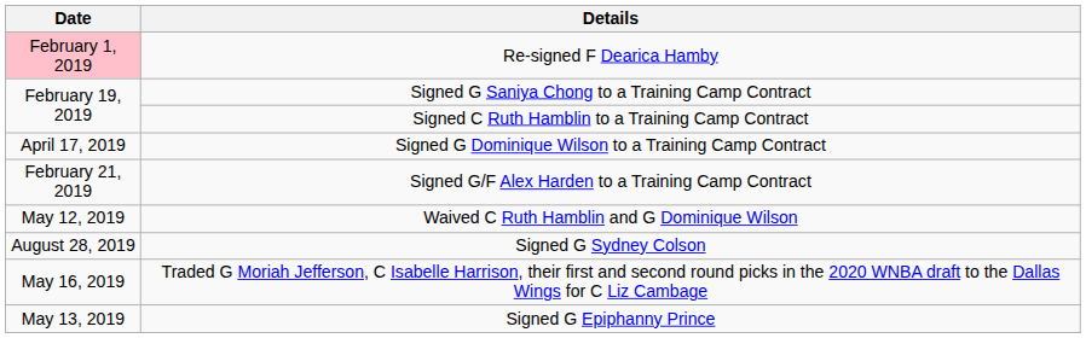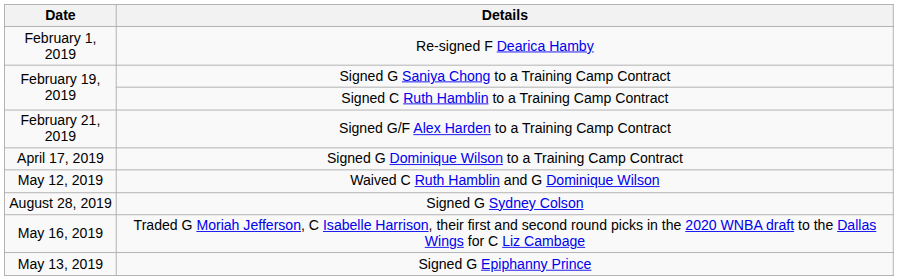 <table class="wikitable" style="width:80%; text-align:center;">
 <tr>
 <th>Date</th>
 <th>Details</th>
 </tr>
 <tr>
-<td style="background: pink;">February 1, 2019</td>
+<td>February 1, 2019</td>
 <td>Re-signed F <a href='#'>Dearica Hamby</a></td>
 </tr>
 <tr>
 <td rowspan=2>February 19, 2019</td>
 <td>Signed G <a href='#'>Saniya Chong</a> to a Training Camp Contract</td>
 </tr>
 <tr>
 <td>Signed C <a href='#'>Ruth Hamblin</a> to a Training Camp Contract</td>
 </tr>
 <tr>
+<td>February 21, 2019</td>
+<td>Signed G/F <a href='#'>Alex Harden</a> to a Training Camp Contract</td>
+</tr>
+<tr>
 <td>April 17, 2019</td>
 <td>Signed G <a href='#'>Dominique Wilson</a> to a Training Camp Contract</td>
-</tr>
-<tr>
-<td>February 21, 2019</td>
-<td>Signed G/F <a href='#'>Alex Harden</a> to a Training Camp Contract</td>
 </tr>
 <tr>
 <td>May 12, 2019</td>
 <td>Waived C <a href='#'>Ruth Hamblin</a> and G <a href='#'>Dominique Wilson</a></td>
 </tr>
 <tr>
 <td>August 28, 2019</td>
 <td>Signed G <a href='#'>Sydney Colson</a></td>
 </tr>
 <tr>
 <td>May 16, 2019</td>
 <td>Traded G <a href='#'>Moriah Jefferson</a>, C <a href='#'>Isabelle Harrison</a>, their first and second round picks in the <a href='#'>2020 WNBA draft</a> to the <a href='#'>Dallas Wings</a> for C <a href='#'>Liz Cambage</a></td>
 </tr>
 <tr>
 <td>May 13, 2019</td>
 <td>Signed G <a href='#'>Epiphanny Prince</a></td>
 </tr>
 </table>
